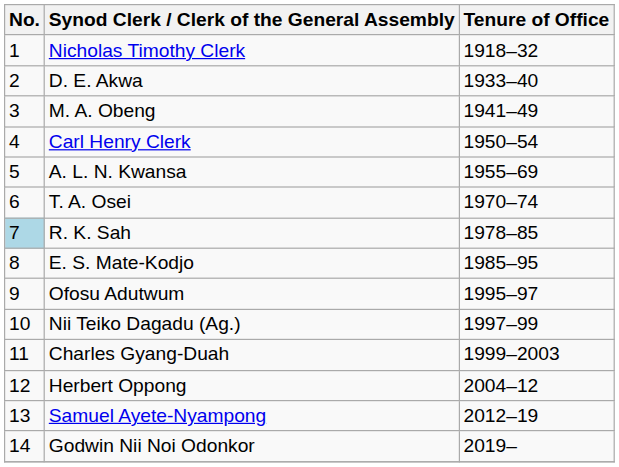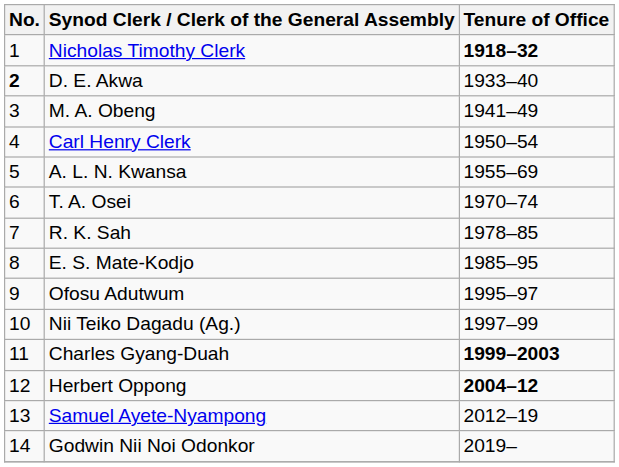 <table class="wikitable collapsible sortable">
 <tr>
 <th>No.</th>
 <th>Synod Clerk / Clerk of the General Assembly</th>
 <th>Tenure of Office</th>
 </tr>
 <tr>
 <td>1</td>
 <td><a href='#'>Nicholas Timothy Clerk</a></td>
-<td>1918–32</td>
+<td><strong>1918–32</strong></td>
 </tr>
 <tr>
-<td>2</td>
+<td><strong>2</strong></td>
 <td>D. E. Akwa</td>
 <td>1933–40</td>
 </tr>
 <tr>
 <td>3</td>
 <td>M. A. Obeng</td>
 <td>1941–49</td>
 </tr>
 <tr>
 <td>4</td>
 <td><a href='#'>Carl Henry Clerk</a></td>
 <td>1950–54</td>
 </tr>
 <tr>
 <td>5</td>
 <td>A. L. N. Kwansa</td>
 <td>1955–69</td>
 </tr>
 <tr>
 <td>6</td>
 <td>T. A. Osei</td>
 <td>1970–74</td>
 </tr>
 <tr>
-<td style="background: lightblue;">7</td>
+<td>7</td>
 <td>R. K. Sah</td>
 <td>1978–85</td>
 </tr>
 <tr>
 <td>8</td>
 <td>E. S. Mate-Kodjo</td>
 <td>1985–95</td>
 </tr>
 <tr>
 <td>9</td>
 <td>Ofosu Adutwum</td>
 <td>1995–97</td>
 </tr>
 <tr>
 <td>10</td>
 <td>Nii Teiko Dagadu (Ag.)</td>
 <td>1997–99</td>
 </tr>
 <tr>
 <td>11</td>
 <td>Charles Gyang-Duah</td>
-<td>1999–2003</td>
+<td><strong>1999–2003</strong></td>
 </tr>
 <tr>
 <td>12</td>
 <td>Herbert Oppong</td>
-<td>2004–12</td>
+<td><strong>2004–12</strong></td>
 </tr>
 <tr>
 <td>13</td>
 <td><a href='#'>Samuel Ayete-Nyampong</a></td>
 <td>2012–19</td>
 </tr>
 <tr>
 <td>14</td>
 <td>Godwin Nii Noi Odonkor</td>
 <td>2019– </td>
 </tr>
 <tr>
 </tr>
 </table>
